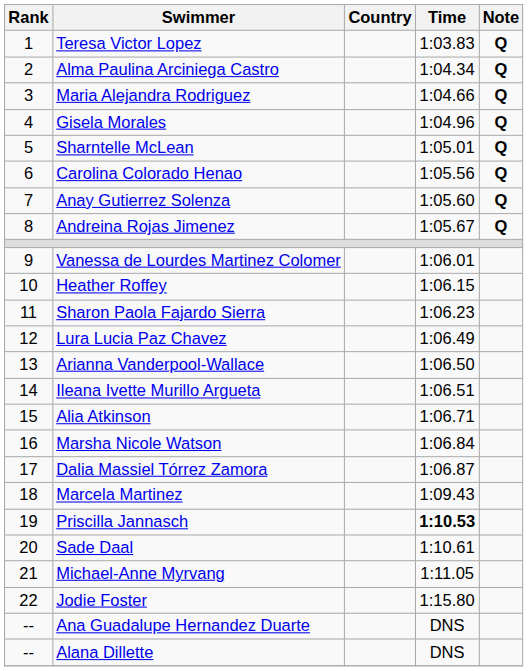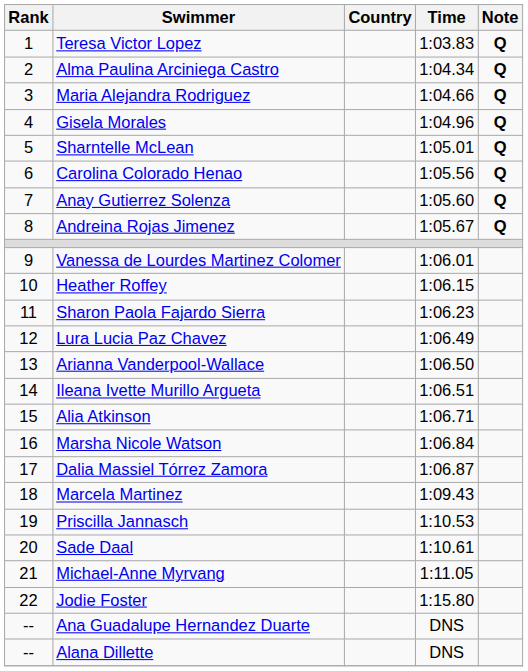 <table class="wikitable" style="text-align:center">
 <tr>
 <th>Rank</th>
 <th>Swimmer</th>
 <th>Country</th>
 <th>Time</th>
 <th>Note</th>
 </tr>
 <tr>
 <td>1</td>
 <td align=left><a href='#'>Teresa Victor Lopez</a></td>
 <td align=left></td>
 <td>1:03.83</td>
 <td><strong>Q</strong></td>
 </tr>
 <tr>
 <td>2</td>
 <td align=left><a href='#'>Alma Paulina Arciniega Castro</a></td>
 <td align=left></td>
 <td>1:04.34</td>
 <td><strong>Q</strong></td>
 </tr>
 <tr>
 <td>3</td>
 <td align=left><a href='#'>Maria Alejandra Rodriguez</a></td>
 <td align=left></td>
 <td>1:04.66</td>
 <td><strong>Q</strong></td>
 </tr>
 <tr>
 <td>4</td>
 <td align=left><a href='#'>Gisela Morales</a></td>
 <td align=left></td>
 <td>1:04.96</td>
 <td><strong>Q</strong></td>
 </tr>
 <tr>
 <td>5</td>
 <td align=left><a href='#'>Sharntelle McLean</a></td>
 <td align=left></td>
 <td>1:05.01</td>
 <td><strong>Q</strong></td>
 </tr>
 <tr>
 <td>6</td>
 <td align=left><a href='#'>Carolina Colorado Henao</a></td>
 <td align=left></td>
 <td>1:05.56</td>
 <td><strong>Q</strong></td>
 </tr>
 <tr>
 <td>7</td>
 <td align=left><a href='#'>Anay Gutierrez Solenza</a></td>
 <td align=left></td>
 <td>1:05.60</td>
 <td><strong>Q</strong></td>
 </tr>
 <tr>
 <td>8</td>
 <td align=left><a href='#'>Andreina Rojas Jimenez</a></td>
 <td align=left></td>
 <td>1:05.67</td>
 <td><strong>Q</strong></td>
 </tr>
 <tr bgcolor=#DDDDDD>
 <td colspan=5></td>
 </tr>
 <tr>
 <td>9</td>
 <td align=left><a href='#'>Vanessa de Lourdes Martinez Colomer</a></td>
 <td align=left></td>
 <td>1:06.01</td>
 <td></td>
 </tr>
 <tr>
 <td>10</td>
 <td align=left><a href='#'>Heather Roffey</a></td>
 <td align=left></td>
 <td>1:06.15</td>
 <td></td>
 </tr>
 <tr>
 <td>11</td>
 <td align=left><a href='#'>Sharon Paola Fajardo Sierra</a></td>
 <td align=left></td>
 <td>1:06.23</td>
 <td></td>
 </tr>
 <tr>
 <td>12</td>
 <td align=left><a href='#'>Lura Lucia Paz Chavez</a></td>
 <td align=left></td>
 <td>1:06.49</td>
 <td></td>
 </tr>
 <tr>
 <td>13</td>
 <td align=left><a href='#'>Arianna Vanderpool-Wallace</a></td>
 <td align=left></td>
 <td>1:06.50</td>
 <td></td>
 </tr>
 <tr>
 <td>14</td>
 <td align=left><a href='#'>Ileana Ivette Murillo Argueta</a></td>
 <td align=left></td>
 <td>1:06.51</td>
 <td></td>
 </tr>
 <tr>
 <td>15</td>
 <td align=left><a href='#'>Alia Atkinson</a></td>
 <td align=left></td>
 <td>1:06.71</td>
 <td></td>
 </tr>
 <tr>
 <td>16</td>
 <td align=left><a href='#'>Marsha Nicole Watson</a></td>
 <td align=left></td>
 <td>1:06.84</td>
 <td></td>
 </tr>
 <tr>
 <td>17</td>
 <td align=left><a href='#'>Dalia Massiel Tórrez Zamora</a></td>
 <td align=left></td>
 <td>1:06.87</td>
 <td></td>
 </tr>
 <tr>
 <td>18</td>
 <td align=left><a href='#'>Marcela Martinez</a></td>
 <td align=left></td>
 <td>1:09.43</td>
 <td></td>
 </tr>
 <tr>
 <td>19</td>
 <td align=left><a href='#'>Priscilla Jannasch</a></td>
 <td align=left></td>
-<td><strong>1:10.53</strong></td>
+<td>1:10.53</td>
 <td></td>
 </tr>
 <tr>
 <td>20</td>
 <td align=left><a href='#'>Sade Daal</a></td>
 <td align=left></td>
 <td>1:10.61</td>
 <td></td>
 </tr>
 <tr>
 <td>21</td>
 <td align=left><a href='#'>Michael-Anne Myrvang</a></td>
 <td align=left></td>
 <td>1:11.05</td>
 <td></td>
 </tr>
 <tr>
 <td>22</td>
 <td align=left><a href='#'>Jodie Foster</a></td>
 <td align=left></td>
 <td>1:15.80</td>
 <td></td>
 </tr>
 <tr>
 <td>--</td>
 <td align=left><a href='#'>Ana Guadalupe Hernandez Duarte</a></td>
 <td align=left></td>
 <td>DNS</td>
 <td></td>
 </tr>
 <tr>
 <td>--</td>
 <td align=left><a href='#'>Alana Dillette</a></td>
 <td align=left></td>
 <td>DNS</td>
 <td></td>
 </tr>
 <tr>
 </tr>
 </table>
